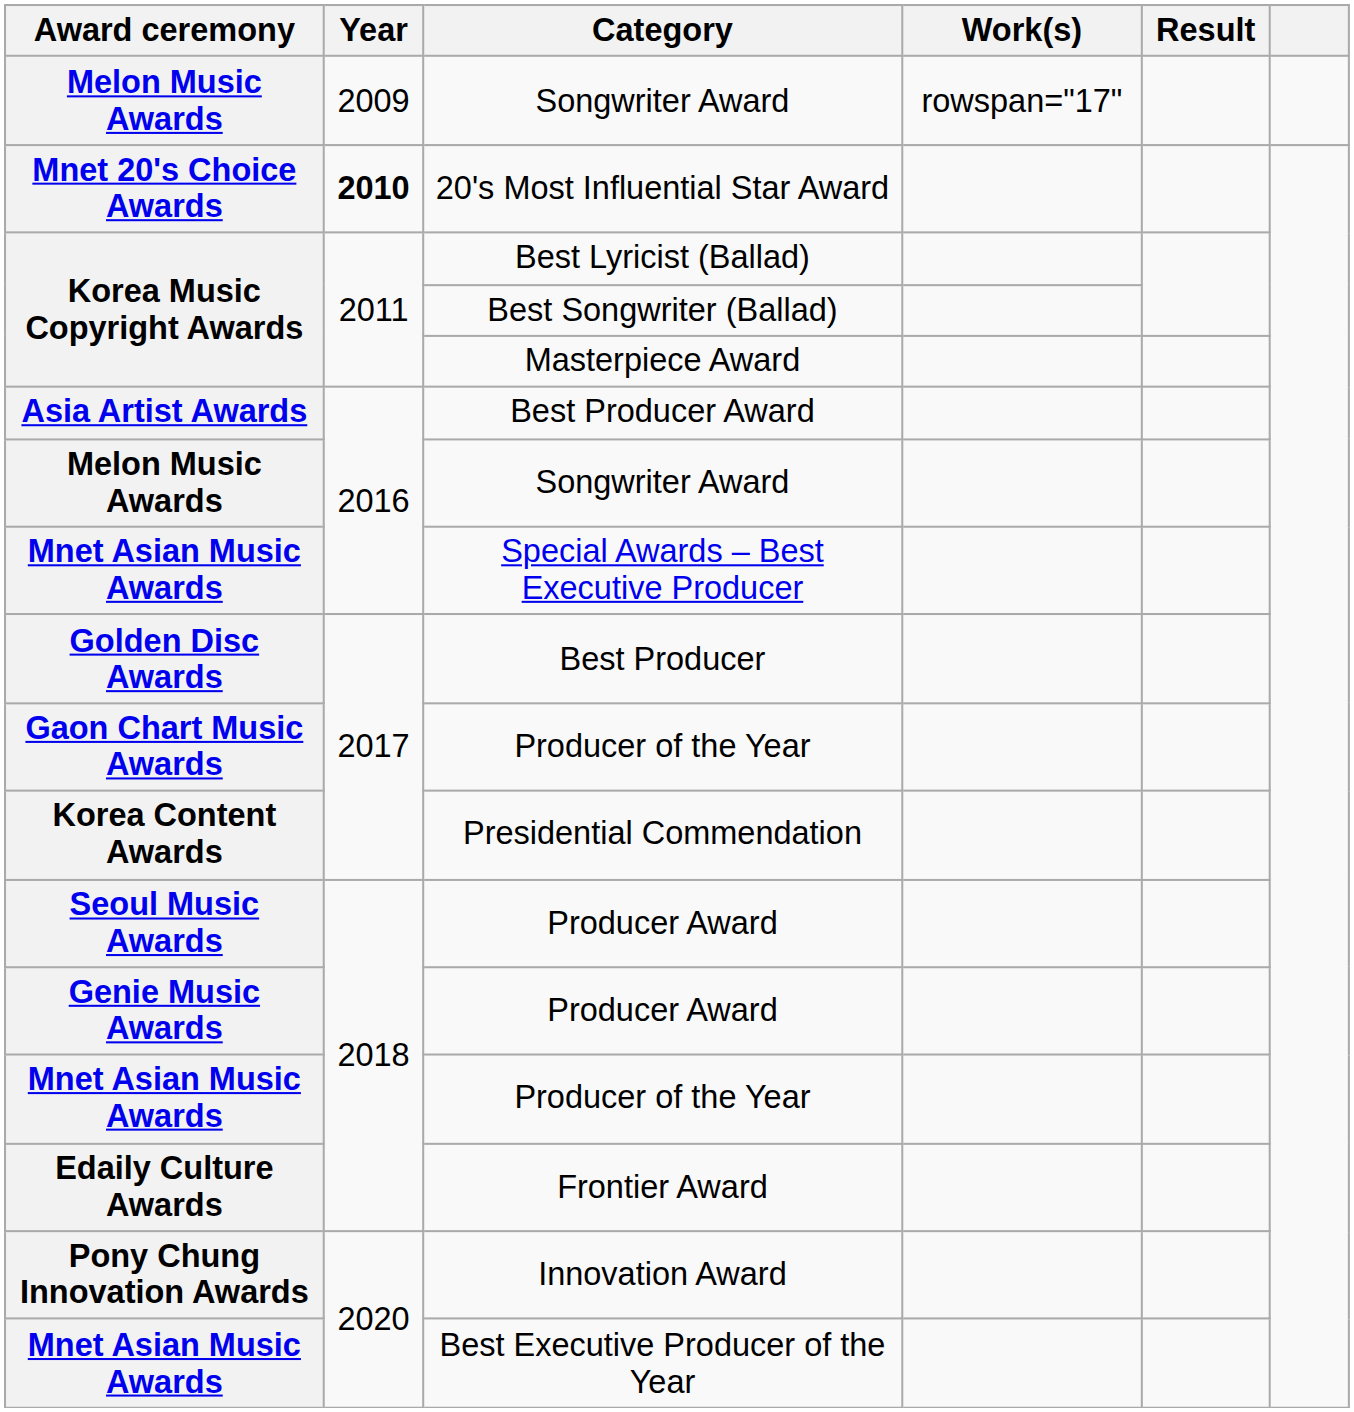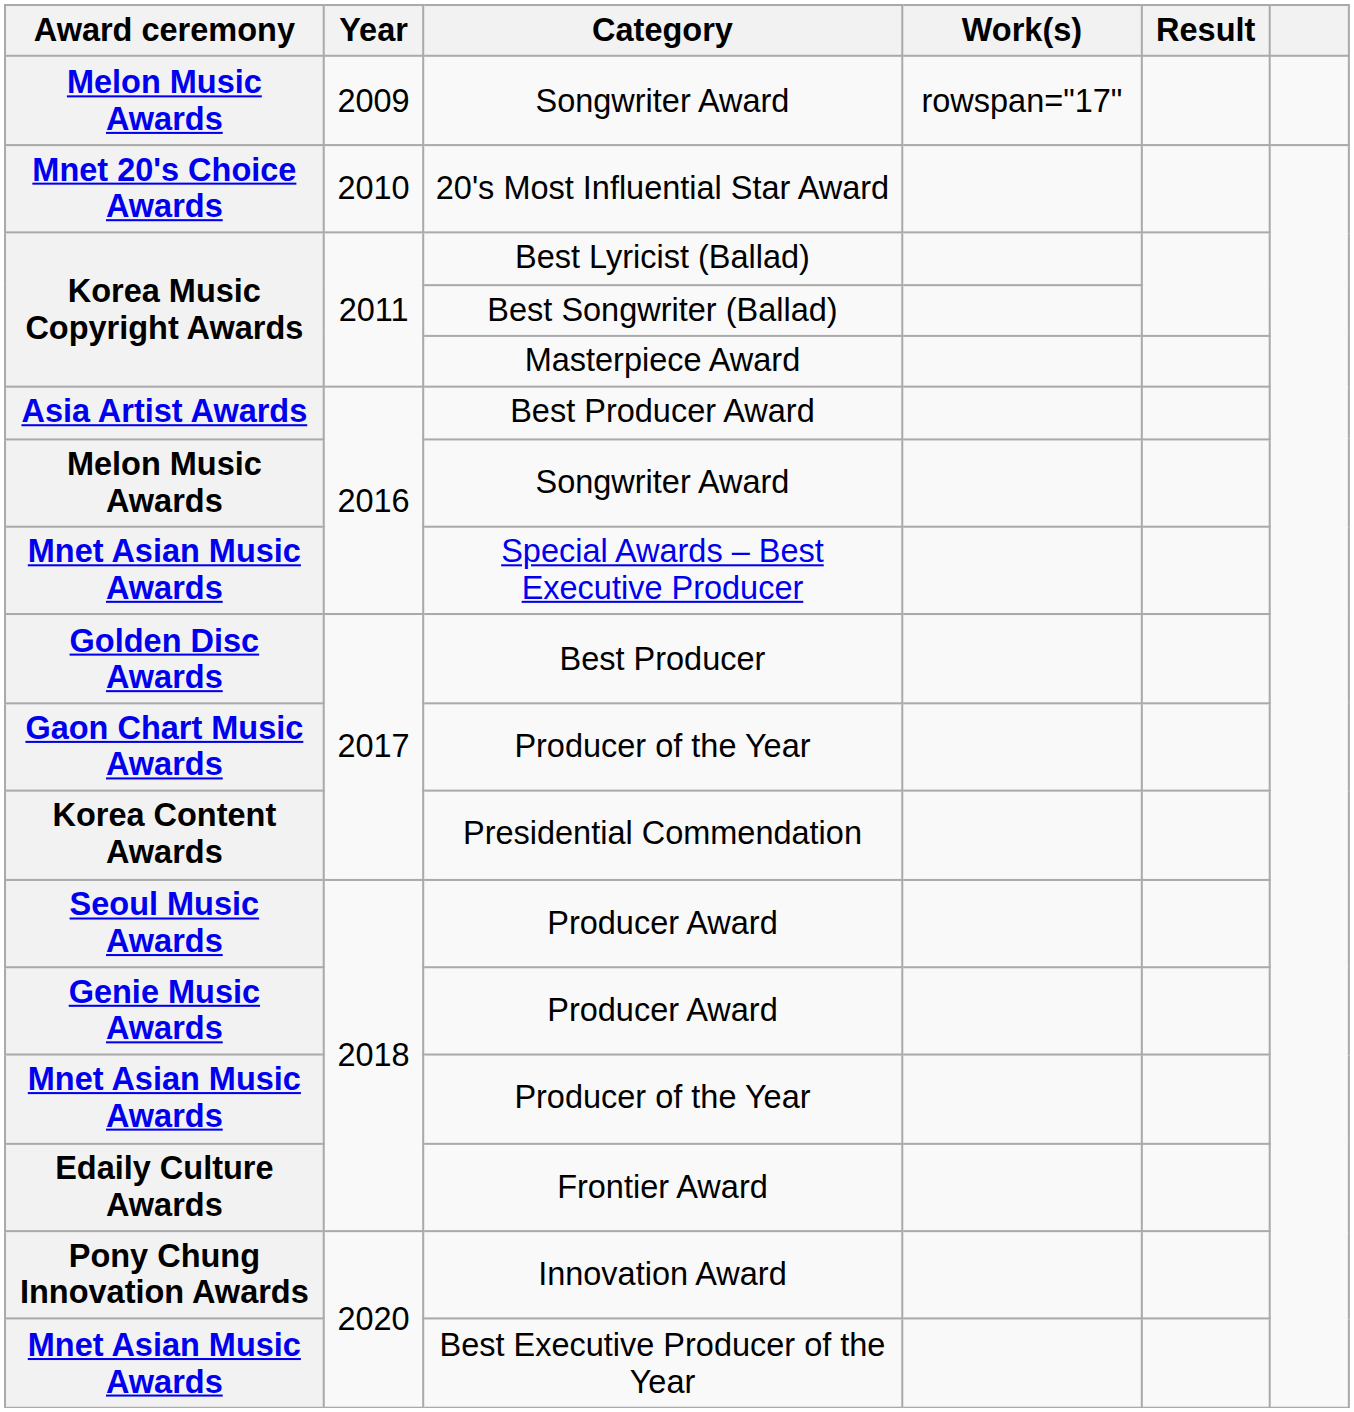 <table class="wikitable sortable plainrowheaders" style="text-align:center; width:75%">
 <tr>
 <th scope="col" width="20%">Award ceremony</th>
 <th scope="col" width="5%">Year</th>
 <th scope="col" width="30%">Category</th>
 <th scope="col" width="10%">Work(s)</th>
 <th scope="col" width="5%">Result</th>
 <th scope="col" class="unsortable"  width="5%"></th>
 </tr>
 <tr>
 <th scope="row"><a href='#'>Melon Music Awards</a></th>
 <td>2009</td>
 <td>Songwriter Award</td>
 <td>rowspan="17" </td>
 <td></td>
 <td style="text-align:center;"></td>
 </tr>
 <tr>
 <th scope="row"><a href='#'>Mnet 20's Choice Awards</a></th>
-<td><strong>2010</strong></td>
+<td>2010</td>
 <td>20's Most Influential Star Award</td>
 <td></td>
 <td style="text-align:center;"></td>
 </tr>
 <tr>
 <th scope="row" rowspan="3">Korea Music Copyright Awards</th>
 <td rowspan="3">2011</td>
 <td>Best Lyricist (Ballad)</td>
 <td></td>
 <td style="text-align:center;" rowspan="2"></td>
 </tr>
 <tr>
 <td>Best Songwriter (Ballad)</td>
 <td></td>
 </tr>
 <tr>
 <td>Masterpiece Award</td>
 <td></td>
 <td style="text-align:center;"></td>
 </tr>
 <tr>
 <th scope="row"><a href='#'>Asia Artist Awards</a></th>
 <td rowspan="3">2016</td>
 <td>Best Producer Award</td>
 <td></td>
 <td style="text-align:center;"></td>
 </tr>
 <tr>
 <th scope="row">Melon Music Awards</th>
 <td>Songwriter Award</td>
 <td></td>
 <td style="text-align:center;"></td>
 </tr>
 <tr>
 <th scope="row"><a href='#'>Mnet Asian Music Awards</a></th>
 <td><a href='#'>Special Awards – Best Executive Producer</a></td>
 <td></td>
 <td style="text-align:center;"></td>
 </tr>
 <tr>
 <th scope="row"><a href='#'>Golden Disc Awards</a></th>
 <td rowspan="3">2017</td>
 <td>Best Producer</td>
 <td></td>
 <td style="text-align:center;"></td>
 </tr>
 <tr>
 <th scope="row"><a href='#'>Gaon Chart Music Awards</a></th>
 <td>Producer of the Year</td>
 <td></td>
 <td style="text-align:center;"></td>
 </tr>
 <tr>
 <th scope="row">Korea Content Awards</th>
 <td>Presidential Commendation</td>
 <td></td>
 <td style="text-align:center;"></td>
 </tr>
 <tr>
 <th scope="row"><a href='#'>Seoul Music Awards</a></th>
 <td rowspan="4">2018</td>
 <td>Producer Award</td>
 <td></td>
 <td style="text-align:center;"></td>
 </tr>
 <tr>
 <th scope="row"><a href='#'>Genie Music Awards</a></th>
 <td>Producer Award</td>
 <td></td>
 <td style="text-align:center;"></td>
 </tr>
 <tr>
 <th scope="row"><a href='#'>Mnet Asian Music Awards</a></th>
 <td>Producer of the Year</td>
 <td></td>
 <td style="text-align:center;"></td>
 </tr>
 <tr>
 <th scope="row">Edaily Culture Awards</th>
 <td>Frontier Award</td>
 <td></td>
 <td style="text-align:center;"></td>
 </tr>
 <tr>
 <th scope="row">Pony Chung Innovation Awards</th>
 <td rowspan="2">2020</td>
 <td>Innovation Award</td>
 <td></td>
 <td style="text-align:center;"></td>
 </tr>
 <tr>
 <th scope="row"><a href='#'>Mnet Asian Music Awards</a></th>
 <td>Best Executive Producer of the Year</td>
 <td></td>
 <td style="text-align:center;"></td>
 </tr>
 </table>
